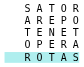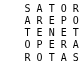 <table style="font-family: monospace; margin: 0 0 0 0; line-height:90%">
 <tr>
 <td style="padding-left: 2em;">S A T O R</td>
 </tr>
 <tr>
 <td style="padding-left: 2em;">A R E P O</td>
 </tr>
 <tr>
 <td style="padding-left: 2em;">T E N E T</td>
 </tr>
 <tr>
 <td style="padding-left: 2em;">O P E R A</td>
 </tr>
 <tr>
-<td style="background: paleturquoise; padding-left: 2em;">R O T A S</td>
+<td style="padding-left: 2em;">R O T A S</td>
 </tr>
 </table>
